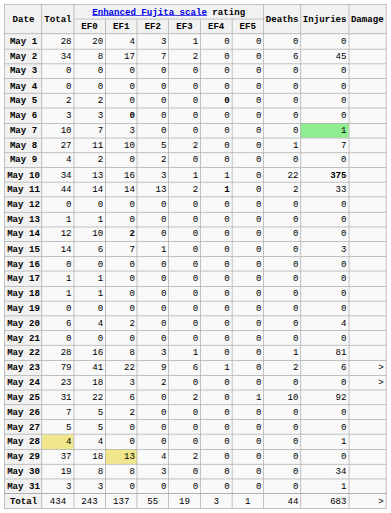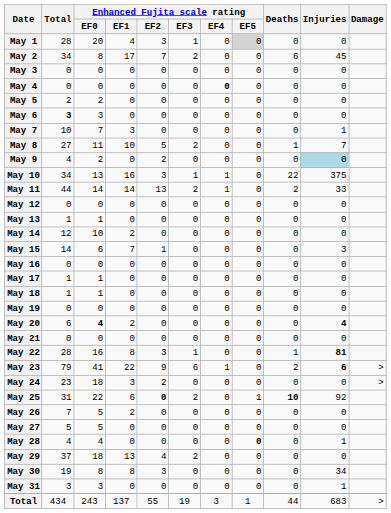 <table class="wikitable sortable" style="margin: 1em auto 1em auto;">
 <tr>
 <th scope="col" rowspan="2">Date</th>
 <th scope="col" rowspan="2" align="center">Total</th>
 <th scope="col" colspan="6" align="center"><a href='#'>Enhanced Fujita scale</a> rating</th>
 <th scope="col" rowspan="2" align="center">Deaths</th>
 <th scope="col" rowspan="2" align="center">Injuries</th>
 <th scope="col" rowspan="2" align="center">Damage</th>
 </tr>
 <tr>
 <th scope="col" align="center"> EF0 </th>
 <th scope="col" align="center"> EF1 </th>
 <th scope="col" align="center"> EF2 </th>
 <th scope="col" align="center"> EF3 </th>
 <th scope="col" align="center"> EF4 </th>
 <th scope="col" align="center"> EF5 </th>
 </tr>
 <tr>
 <th scope="row">May 1</th>
 <td align="right">28</td>
 <td align="right">20</td>
 <td align="right">4</td>
 <td align="right">3</td>
 <td align="right">1</td>
 <td align="right">0</td>
-<td align="right">0</td>
+<td align="right" style="background: lightgrey;">0</td>
 <td align="right">0</td>
 <td align="right">0</td>
 <td align="right"></td>
 </tr>
 <tr>
 <th scope="row">May 2</th>
 <td align="right">34</td>
 <td align="right">8</td>
 <td align="right">17</td>
 <td align="right">7</td>
 <td align="right">2</td>
 <td align="right">0</td>
 <td align="right">0</td>
 <td align="right">6</td>
 <td align="right">45</td>
 <td align="right"></td>
 </tr>
 <tr>
 <th scope="row">May 3</th>
 <td align="right">0</td>
 <td align="right">0</td>
 <td align="right">0</td>
 <td align="right">0</td>
 <td align="right">0</td>
 <td align="right">0</td>
 <td align="right">0</td>
 <td align="right">0</td>
 <td align="right">0</td>
 <td align="right"></td>
 </tr>
 <tr>
 <th scope="row">May 4</th>
 <td align="right">0</td>
 <td align="right">0</td>
 <td align="right">0</td>
 <td align="right">0</td>
 <td align="right">0</td>
-<td align="right">0</td>
+<td align="right"><strong>0</strong></td>
 <td align="right">0</td>
 <td align="right">0</td>
 <td align="right">0</td>
 <td align="right"></td>
 </tr>
 <tr>
 <th scope="row">May 5</th>
 <td align="right">2</td>
 <td align="right">2</td>
 <td align="right">0</td>
 <td align="right">0</td>
 <td align="right">0</td>
-<td align="right"><strong>0</strong></td>
+<td align="right">0</td>
 <td align="right">0</td>
 <td align="right">0</td>
 <td align="right">0</td>
 <td align="right"></td>
 </tr>
 <tr>
 <th scope="row">May 6</th>
+<td align="right"><strong>3</strong></td>
 <td align="right">3</td>
-<td align="right">3</td>
-<td align="right"><strong>0</strong></td>
+<td align="right">0</td>
 <td align="right">0</td>
 <td align="right">0</td>
 <td align="right">0</td>
 <td align="right">0</td>
 <td align="right">0</td>
 <td align="right">0</td>
 <td align="right"></td>
 </tr>
 <tr>
 <th scope="row">May 7</th>
 <td align="right">10</td>
 <td align="right">7</td>
 <td align="right">3</td>
 <td align="right">0</td>
 <td align="right">0</td>
 <td align="right">0</td>
 <td align="right">0</td>
 <td align="right">0</td>
-<td align="right" style="background: lightgreen;">1</td>
+<td align="right">1</td>
 <td align="right"></td>
 </tr>
 <tr>
 <th scope="row">May 8</th>
 <td align="right">27</td>
 <td align="right">11</td>
 <td align="right">10</td>
 <td align="right">5</td>
 <td align="right">2</td>
 <td align="right">0</td>
 <td align="right">0</td>
 <td align="right">1</td>
 <td align="right">7</td>
 <td align="right"></td>
 </tr>
 <tr>
 <th scope="row">May 9</th>
 <td align="right">4</td>
 <td align="right">2</td>
 <td align="right">0</td>
 <td align="right">2</td>
 <td align="right">0</td>
 <td align="right">0</td>
 <td align="right">0</td>
 <td align="right">0</td>
-<td align="right">0</td>
+<td align="right" style="background: lightblue;">0</td>
 <td align="right"></td>
 </tr>
 <tr>
 <th scope="row">May 10</th>
 <td align="right">34</td>
 <td align="right">13</td>
 <td align="right">16</td>
 <td align="right">3</td>
 <td align="right">1</td>
 <td align="right">1</td>
 <td align="right">0</td>
 <td align="right">22</td>
-<td align="right"><strong>375</strong></td>
+<td align="right">375</td>
 <td align="right"></td>
 </tr>
 <tr>
 <th scope="row">May 11</th>
 <td align="right">44</td>
 <td align="right">14</td>
 <td align="right">14</td>
 <td align="right">13</td>
 <td align="right">2</td>
-<td align="right"><strong>1</strong></td>
+<td align="right">1</td>
 <td align="right">0</td>
 <td align="right">2</td>
 <td align="right">33</td>
 <td align="right"></td>
 </tr>
 <tr>
 <th scope="row">May 12</th>
 <td align="right">0</td>
 <td align="right">0</td>
 <td align="right">0</td>
 <td align="right">0</td>
 <td align="right">0</td>
 <td align="right">0</td>
 <td align="right">0</td>
 <td align="right">0</td>
 <td align="right">0</td>
 <td align="right"></td>
 </tr>
 <tr>
 <th scope="row">May 13</th>
 <td align="right">1</td>
 <td align="right">1</td>
 <td align="right">0</td>
 <td align="right">0</td>
 <td align="right">0</td>
 <td align="right">0</td>
 <td align="right">0</td>
 <td align="right">0</td>
 <td align="right">0</td>
 <td align="right"></td>
 </tr>
 <tr>
 <th scope="row">May 14</th>
 <td align="right">12</td>
 <td align="right">10</td>
-<td align="right"><strong>2</strong></td>
+<td align="right">2</td>
 <td align="right">0</td>
 <td align="right">0</td>
 <td align="right">0</td>
 <td align="right">0</td>
 <td align="right">0</td>
 <td align="right">0</td>
 <td align="right"></td>
 </tr>
 <tr>
 <th scope="row">May 15</th>
 <td align="right">14</td>
 <td align="right">6</td>
 <td align="right">7</td>
 <td align="right">1</td>
 <td align="right">0</td>
 <td align="right">0</td>
 <td align="right">0</td>
 <td align="right">0</td>
 <td align="right">3</td>
 <td align="right"></td>
 </tr>
 <tr>
 <th scope="row">May 16</th>
 <td align="right">0</td>
 <td align="right">0</td>
 <td align="right">0</td>
 <td align="right">0</td>
 <td align="right">0</td>
 <td align="right">0</td>
 <td align="right">0</td>
 <td align="right">0</td>
 <td align="right">0</td>
 <td align="right"></td>
 </tr>
 <tr>
 <th scope="row">May 17</th>
 <td align="right">1</td>
 <td align="right">1</td>
 <td align="right">0</td>
 <td align="right">0</td>
 <td align="right">0</td>
 <td align="right">0</td>
 <td align="right">0</td>
 <td align="right">0</td>
 <td align="right">0</td>
 <td align="right"></td>
 </tr>
 <tr>
 <th scope="row">May 18</th>
 <td align="right">1</td>
 <td align="right">1</td>
 <td align="right">0</td>
 <td align="right">0</td>
 <td align="right">0</td>
 <td align="right">0</td>
 <td align="right">0</td>
 <td align="right">0</td>
 <td align="right">0</td>
 <td align="right"></td>
 </tr>
 <tr>
 <th scope="row">May 19</th>
 <td align="right">0</td>
 <td align="right">0</td>
 <td align="right">0</td>
 <td align="right">0</td>
 <td align="right">0</td>
 <td align="right">0</td>
 <td align="right">0</td>
 <td align="right">0</td>
 <td align="right">0</td>
 <td align="right"></td>
 </tr>
 <tr>
 <th scope="row">May 20</th>
 <td align="right">6</td>
-<td align="right">4</td>
+<td align="right"><strong>4</strong></td>
 <td align="right">2</td>
 <td align="right">0</td>
 <td align="right">0</td>
 <td align="right">0</td>
 <td align="right">0</td>
 <td align="right">0</td>
-<td align="right">4</td>
+<td align="right"><strong>4</strong></td>
 <td align="right"></td>
 </tr>
 <tr>
 <th scope="row">May 21</th>
 <td align="right">0</td>
 <td align="right">0</td>
 <td align="right">0</td>
 <td align="right">0</td>
 <td align="right">0</td>
 <td align="right">0</td>
 <td align="right">0</td>
 <td align="right">0</td>
 <td align="right">0</td>
 <td align="right"></td>
 </tr>
 <tr>
 <th scope="row">May 22</th>
 <td align="right">28</td>
 <td align="right">16</td>
 <td align="right">8</td>
 <td align="right">3</td>
 <td align="right">1</td>
 <td align="right">0</td>
 <td align="right">0</td>
 <td align="right">1</td>
-<td align="right">81</td>
+<td align="right"><strong>81</strong></td>
 <td align="right"></td>
 </tr>
 <tr>
 <th scope="row">May 23</th>
 <td align="right">79</td>
 <td align="right">41</td>
 <td align="right">22</td>
 <td align="right">9</td>
 <td align="right">6</td>
 <td align="right">1</td>
 <td align="right">0</td>
 <td align="right">2</td>
-<td align="right">6</td>
+<td align="right"><strong>6</strong></td>
 <td align="right">></td>
 </tr>
 <tr>
 <th scope="row">May 24</th>
 <td align="right">23</td>
 <td align="right">18</td>
 <td align="right">3</td>
 <td align="right">2</td>
 <td align="right">0</td>
 <td align="right">0</td>
 <td align="right">0</td>
 <td align="right">0</td>
 <td align="right">0</td>
 <td align="right">></td>
 </tr>
 <tr>
 <th scope="row">May 25</th>
 <td align="right">31</td>
 <td align="right">22</td>
 <td align="right">6</td>
-<td align="right">0</td>
+<td align="right"><strong>0</strong></td>
 <td align="right">2</td>
 <td align="right">0</td>
 <td align="right">1</td>
-<td align="right">10</td>
+<td align="right"><strong>10</strong></td>
 <td align="right">92</td>
 <td align="right"></td>
 </tr>
 <tr>
 <th scope="row">May 26</th>
 <td align="right">7</td>
 <td align="right">5</td>
 <td align="right">2</td>
 <td align="right">0</td>
 <td align="right">0</td>
 <td align="right">0</td>
 <td align="right">0</td>
 <td align="right">0</td>
 <td align="right">0</td>
 <td align="right"></td>
 </tr>
 <tr>
 <th scope="row">May 27</th>
 <td align="right">5</td>
 <td align="right">5</td>
 <td align="right">0</td>
 <td align="right">0</td>
 <td align="right">0</td>
 <td align="right">0</td>
 <td align="right">0</td>
 <td align="right">0</td>
 <td align="right">0</td>
 <td align="right"></td>
 </tr>
 <tr>
 <th scope="row">May 28</th>
-<td align="right" style="background: khaki;">4</td>
+<td align="right">4</td>
 <td align="right">4</td>
 <td align="right">0</td>
 <td align="right">0</td>
 <td align="right">0</td>
 <td align="right">0</td>
-<td align="right">0</td>
+<td align="right"><strong>0</strong></td>
 <td align="right">0</td>
 <td align="right">1</td>
 <td align="right"></td>
 </tr>
 <tr>
 <th scope="row">May 29</th>
 <td align="right">37</td>
 <td align="right">18</td>
-<td align="right" style="background: khaki;">13</td>
+<td align="right">13</td>
 <td align="right">4</td>
 <td align="right">2</td>
 <td align="right">0</td>
 <td align="right">0</td>
 <td align="right">0</td>
 <td align="right">0</td>
 <td align="right"></td>
 </tr>
 <tr>
 <th scope="row">May 30</th>
 <td align="right">19</td>
 <td align="right">8</td>
 <td align="right">8</td>
 <td align="right">3</td>
 <td align="right">0</td>
 <td align="right">0</td>
 <td align="right">0</td>
 <td align="right">0</td>
 <td align="right">34</td>
 <td align="right"></td>
 </tr>
 <tr>
 <th scope="row">May 31</th>
 <td align="right">3</td>
 <td align="right">3</td>
 <td align="right">0</td>
 <td align="right">0</td>
 <td align="right">0</td>
 <td align="right">0</td>
 <td align="right">0</td>
 <td align="right">0</td>
 <td align="right">1</td>
 <td align="right"></td>
 </tr>
 <tr>
 </tr>
 <tr class="sortbottom">
 <th scope="row">Total</th>
 <td align="center">434</td>
 <td align="center">243</td>
 <td align="center">137</td>
 <td align="center">55</td>
 <td align="center">19</td>
 <td align="center">3</td>
 <td align="center">1</td>
 <td align="right">44</td>
 <td align="right">683</td>
 <td align="right">></td>
 </tr>
 </table>
